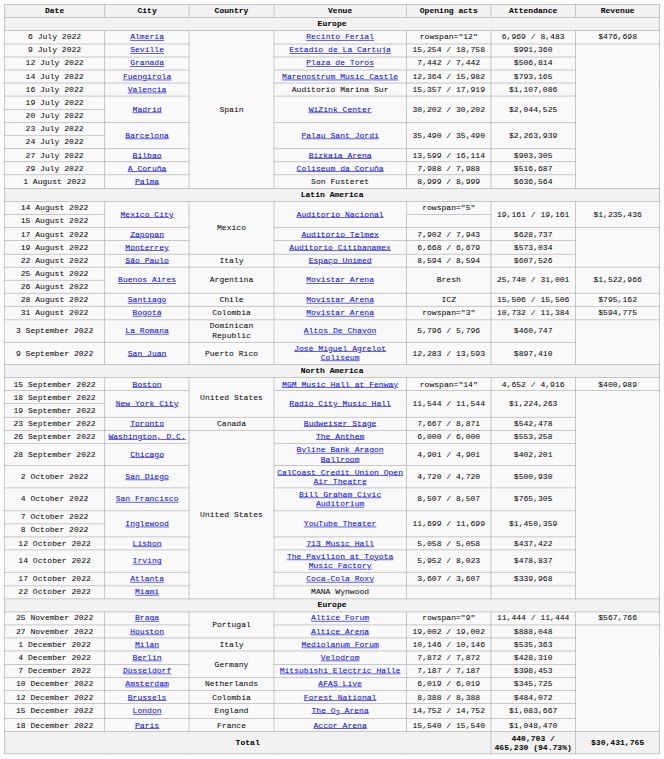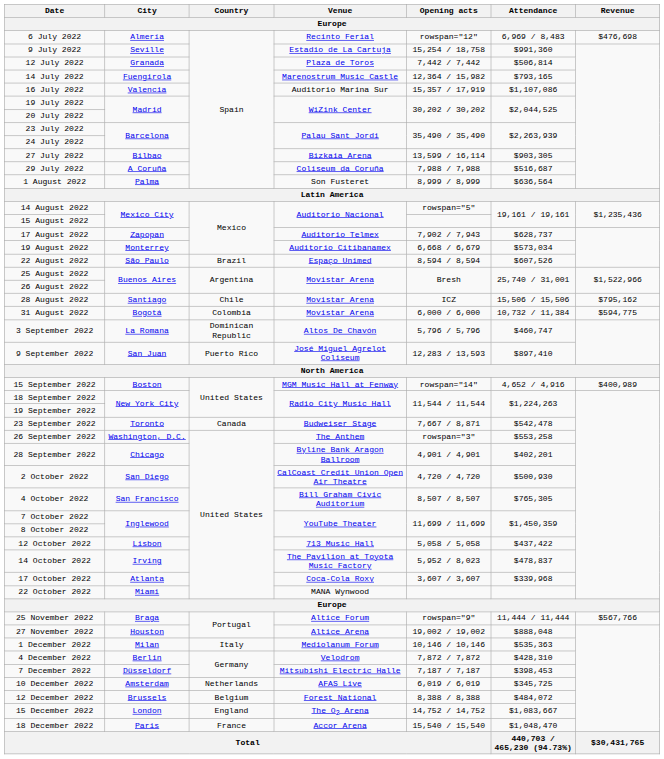 <table class="wikitable plainrowheaders" style="text-align:center;">
 <tr>
 <th scope="col" style="width:12em;">Date</th>
 <th scope="col" style="width:10em;">City</th>
 <th scope="col" style="width:10em;">Country</th>
 <th scope="col" style="width:16em;">Venue</th>
 <th scope="col" style="width:10em;">Opening acts</th>
 <th scope="col" style="width:10em;">Attendance</th>
 <th scope="col" style="width:10em;">Revenue</th>
 </tr>
 <tr>
 <th colspan="7">Europe</th>
 </tr>
 <tr>
 <td>6 July 2022</td>
 <td><a href='#'>Almería</a></td>
 <td rowspan="12">Spain</td>
 <td><a href='#'>Recinto Ferial</a></td>
 <td>rowspan="12" </td>
 <td>6,969 / 8,483</td>
 <td>$476,698</td>
 </tr>
 <tr>
 <td>9 July 2022</td>
 <td><a href='#'>Seville</a></td>
 <td><a href='#'>Estadio de La Cartuja</a></td>
 <td>15,254 / 18,758</td>
 <td>$991,360</td>
 </tr>
 <tr>
 <td>12 July 2022</td>
 <td><a href='#'>Granada</a></td>
 <td><a href='#'>Plaza de Toros</a></td>
 <td>7,442 / 7,442</td>
 <td>$506,814</td>
 </tr>
 <tr>
 <td>14 July 2022</td>
 <td><a href='#'>Fuengirola</a></td>
 <td><a href='#'>Marenostrum Music Castle</a></td>
 <td>12,364 / 15,982</td>
 <td>$793,165</td>
 </tr>
 <tr>
 <td>16 July 2022</td>
 <td><a href='#'>Valencia</a></td>
 <td>Auditorio Marina Sur</td>
 <td>15,357 / 17,919</td>
 <td>$1,107,086</td>
 </tr>
 <tr>
 <td>19 July 2022</td>
 <td rowspan="2"><a href='#'>Madrid</a></td>
 <td rowspan="2"><a href='#'>WiZink Center</a></td>
 <td rowspan="2">30,202 / 30,202</td>
 <td rowspan="2">$2,044,525</td>
 </tr>
 <tr>
 <td>20 July 2022</td>
 </tr>
 <tr>
 <td>23 July 2022</td>
 <td rowspan="2"><a href='#'>Barcelona</a></td>
 <td rowspan="2"><a href='#'>Palau Sant Jordi</a></td>
 <td rowspan="2">35,490 / 35,490</td>
 <td rowspan="2">$2,263,939</td>
 </tr>
 <tr>
 <td>24 July 2022</td>
 </tr>
 <tr>
 <td>27 July 2022</td>
 <td><a href='#'>Bilbao</a></td>
 <td><a href='#'>Bizkaia Arena</a></td>
 <td>13,599 / 16,114</td>
 <td>$903,305</td>
 </tr>
 <tr>
 <td>29 July 2022</td>
 <td><a href='#'>A Coruña</a></td>
 <td><a href='#'>Coliseum da Coruña</a></td>
 <td>7,988 / 7,988</td>
 <td>$516,687</td>
 </tr>
 <tr>
 <td>1 August 2022</td>
 <td><a href='#'>Palma</a></td>
 <td>Son Fusteret</td>
 <td>8,999 / 8,999</td>
 <td>$636,564</td>
 </tr>
 <tr>
 <th colspan="7">Latin America</th>
 </tr>
 <tr>
 <td>14 August 2022</td>
 <td rowspan="2"><a href='#'>Mexico City</a></td>
 <td rowspan="4">Mexico</td>
 <td rowspan="2"><a href='#'>Auditorio Nacional</a></td>
 <td>rowspan="5" </td>
 <td rowspan="2">19,161 / 19,161</td>
 <td rowspan="2">$1,235,436</td>
 </tr>
 <tr>
 <td>15 August 2022</td>
 </tr>
 <tr>
 <td>17 August 2022</td>
 <td><a href='#'>Zapopan</a></td>
 <td><a href='#'>Auditorio Telmex</a></td>
 <td>7,902 / 7,943</td>
 <td>$628,737</td>
 </tr>
 <tr>
 <td>19 August 2022</td>
 <td><a href='#'>Monterrey</a></td>
 <td><a href='#'>Auditorio Citibanamex</a></td>
 <td>6,668 / 6,679</td>
 <td>$573,034</td>
 </tr>
 <tr>
 <td>22 August 2022</td>
 <td><a href='#'>São Paulo</a></td>
-<td>Italy</td>
+<td>Brazil</td>
 <td><a href='#'>Espaço Unimed</a></td>
 <td>8,594 / 8,594</td>
 <td>$607,526</td>
 </tr>
 <tr>
 <td>25 August 2022</td>
 <td rowspan="2"><a href='#'>Buenos Aires</a></td>
 <td rowspan="2">Argentina</td>
 <td rowspan="2"><a href='#'>Movistar Arena</a></td>
 <td rowspan="2">Bresh</td>
 <td rowspan="2">25,740 / 31,001</td>
 <td rowspan="2">$1,522,966</td>
 </tr>
 <tr>
 <td>26 August 2022</td>
 </tr>
 <tr>
 <td>28 August 2022</td>
 <td><a href='#'>Santiago</a></td>
 <td>Chile</td>
 <td><a href='#'>Movistar Arena</a></td>
 <td>ICZ</td>
 <td>15,506 / 15,506</td>
 <td>$795,162</td>
 </tr>
 <tr>
 <td>31 August 2022</td>
 <td><a href='#'>Bogotá</a></td>
 <td>Colombia</td>
 <td><a href='#'>Movistar Arena</a></td>
-<td>rowspan="3" </td>
+<td>6,000 / 6,000</td>
 <td>10,732 / 11,384</td>
 <td>$594,775</td>
 </tr>
 <tr>
 <td>3 September 2022</td>
 <td><a href='#'>La Romana</a></td>
 <td>Dominican Republic</td>
 <td><a href='#'>Altos De Chavón</a></td>
 <td>5,796 / 5,796</td>
 <td>$460,747</td>
 </tr>
 <tr>
 <td>9 September 2022</td>
 <td><a href='#'>San Juan</a></td>
 <td>Puerto Rico</td>
 <td><a href='#'>José Miguel Agrelot Coliseum</a></td>
 <td>12,283 / 13,593</td>
 <td>$897,410</td>
 </tr>
 <tr>
 <th colspan="7">North America</th>
 </tr>
 <tr>
 <td>15 September 2022</td>
 <td><a href='#'>Boston</a></td>
 <td rowspan="3">United States</td>
 <td><a href='#'>MGM Music Hall at Fenway</a></td>
 <td>rowspan="14" </td>
 <td>4,652 / 4,916</td>
 <td>$400,989</td>
 </tr>
 <tr>
 <td>18 September 2022</td>
 <td rowspan="2"><a href='#'>New York City</a></td>
 <td rowspan="2"><a href='#'>Radio City Music Hall</a></td>
 <td rowspan="2">11,544 / 11,544</td>
 <td rowspan="2">$1,224,263</td>
 </tr>
 <tr>
 <td>19 September 2022</td>
 </tr>
 <tr>
 <td>23 September 2022</td>
 <td><a href='#'>Toronto</a></td>
 <td>Canada</td>
 <td><a href='#'>Budweiser Stage</a></td>
 <td>7,667 / 8,871</td>
 <td>$542,478</td>
 </tr>
 <tr>
 <td>26 September 2022</td>
 <td><a href='#'>Washington, D.C.</a></td>
 <td rowspan="10">United States</td>
 <td><a href='#'>The Anthem</a></td>
-<td>6,000 / 6,000</td>
+<td>rowspan="3" </td>
 <td>$553,258</td>
 </tr>
 <tr>
 <td>28 September 2022</td>
 <td><a href='#'>Chicago</a></td>
 <td><a href='#'>Byline Bank Aragon Ballroom</a></td>
 <td>4,901 / 4,901</td>
 <td>$402,201</td>
 </tr>
 <tr>
 <td>2 October 2022</td>
 <td><a href='#'>San Diego</a></td>
 <td><a href='#'>CalCoast Credit Union Open Air Theatre</a></td>
 <td>4,720 / 4,720</td>
 <td>$500,930</td>
 </tr>
 <tr>
 <td>4 October 2022</td>
 <td><a href='#'>San Francisco</a></td>
 <td><a href='#'>Bill Graham Civic Auditorium</a></td>
 <td>8,507 / 8,507</td>
 <td>$765,305</td>
 </tr>
 <tr>
 <td>7 October 2022</td>
 <td rowspan="2"><a href='#'>Inglewood</a></td>
 <td rowspan="2"><a href='#'>YouTube Theater</a></td>
 <td rowspan="2">11,699 / 11,699</td>
 <td rowspan="2">$1,450,359</td>
 </tr>
 <tr>
 <td>8 October 2022</td>
 </tr>
 <tr>
 <td>12 October 2022</td>
 <td><a href='#'>Lisbon</a></td>
 <td><a href='#'>713 Music Hall</a></td>
 <td>5,058 / 5,058</td>
 <td>$437,422</td>
 </tr>
 <tr>
 <td>14 October 2022</td>
 <td><a href='#'>Irving</a></td>
 <td><a href='#'>The Pavilion at Toyota Music Factory</a></td>
 <td>5,952 / 8,023</td>
 <td>$478,837</td>
 </tr>
 <tr>
 <td>17 October 2022</td>
 <td><a href='#'>Atlanta</a></td>
 <td><a href='#'>Coca-Cola Roxy</a></td>
 <td>3,607 / 3,607</td>
 <td>$339,968</td>
 </tr>
 <tr>
 <td>22 October 2022</td>
 <td><a href='#'>Miami</a></td>
 <td>MANA Wynwood</td>
 <td></td>
 <td></td>
 </tr>
 <tr>
 <th colspan="7">Europe</th>
 </tr>
 <tr>
 <td>25 November 2022</td>
 <td><a href='#'>Braga</a></td>
 <td rowspan="2">Portugal</td>
 <td><a href='#'>Altice Forum</a></td>
 <td>rowspan="9" </td>
 <td>11,444 / 11,444</td>
 <td>$567,766</td>
 </tr>
 <tr>
 <td>27 November 2022</td>
 <td><a href='#'>Houston</a></td>
 <td><a href='#'>Altice Arena</a></td>
 <td>19,002 / 19,002</td>
 <td>$888,048</td>
 </tr>
 <tr>
 <td>1 December 2022</td>
 <td><a href='#'>Milan</a></td>
 <td>Italy</td>
 <td><a href='#'>Mediolanum Forum</a></td>
 <td>10,146 / 10,146</td>
 <td>$535,363</td>
 </tr>
 <tr>
 <td>4 December 2022</td>
 <td><a href='#'>Berlin</a></td>
 <td rowspan="2">Germany</td>
 <td><a href='#'>Velodrom</a></td>
 <td>7,872 / 7,872</td>
 <td>$428,310</td>
 </tr>
 <tr>
 <td>7 December 2022</td>
 <td><a href='#'>Düsseldorf</a></td>
 <td><a href='#'>Mitsubishi Electric Halle</a></td>
 <td>7,187 / 7,187</td>
 <td>$398,453</td>
 </tr>
 <tr>
 <td>10 December 2022</td>
 <td><a href='#'>Amsterdam</a></td>
 <td>Netherlands</td>
 <td><a href='#'>AFAS Live</a></td>
 <td>6,019 / 6,019</td>
 <td>$345,725</td>
 </tr>
 <tr>
 <td>12 December 2022</td>
 <td><a href='#'>Brussels</a></td>
-<td>Colombia</td>
+<td>Belgium</td>
 <td><a href='#'>Forest National</a></td>
 <td>8,388 / 8,388</td>
 <td>$484,072</td>
 </tr>
 <tr>
 <td>15 December 2022</td>
 <td><a href='#'>London</a></td>
 <td>England</td>
 <td><a href='#'>The O<sub>2</sub> Arena</a></td>
 <td>14,752 / 14,752</td>
 <td>$1,083,667</td>
 </tr>
 <tr>
 <td>18 December 2022</td>
 <td><a href='#'>Paris</a></td>
 <td>France</td>
 <td><a href='#'>Accor Arena</a></td>
 <td>15,540 / 15,540</td>
 <td>$1,048,470</td>
 </tr>
 <tr>
 <th colspan="5">Total</th>
 <th>440,703 / 465,230 (94.73%)</th>
 <th>$30,431,765</th>
 </tr>
 </table>
